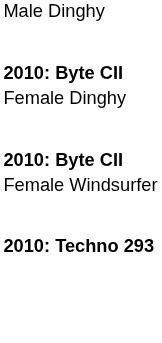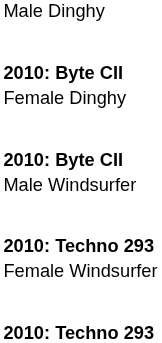 <table>
 <tr>
 <td style="align:center;">Male Dinghy <br> <br><br><strong>2010: Byte CII</strong> <br></td>
 <td></td>
 <td></td>
 <td></td>
 </tr>
 <tr>
 <td style="align:center;">Female Dinghy <br> <br><br><strong>2010: Byte CII</strong> <br></td>
 <td></td>
 <td></td>
 <td></td>
 </tr>
 <tr>
+<td style="align:center;">Male Windsurfer <br> <br><br><strong>2010: Techno 293</strong> <br></td>
+<td></td>
+<td></td>
+<td></td>
+</tr>
+<tr>
 <td style="align:center;">Female Windsurfer <br> <br><br><strong>2010: Techno 293</strong> <br></td>
 <td></td>
 <td></td>
 <td></td>
 </tr>
 <tr>
 </tr>
 </table>
